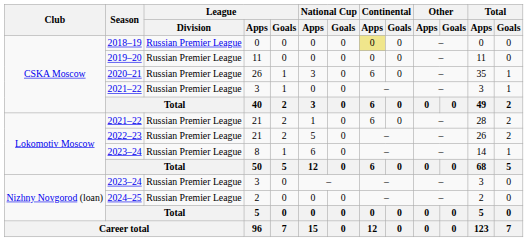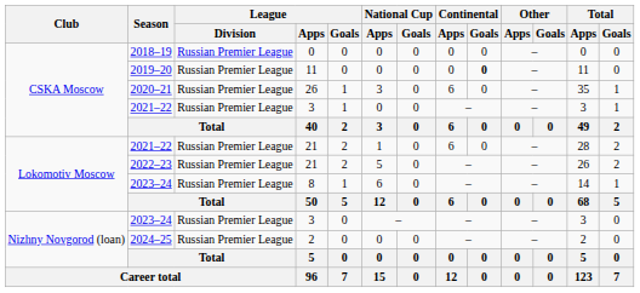 <table class="wikitable" style="text-align: center;">
 <tr>
 <th rowspan="2">Club</th>
 <th rowspan="2">Season</th>
 <th colspan="3">League</th>
 <th colspan="2">National Cup</th>
 <th colspan="2">Continental</th>
 <th colspan="2">Other</th>
 <th colspan="2">Total</th>
 </tr>
 <tr>
 <th>Division</th>
 <th>Apps</th>
 <th>Goals</th>
 <th>Apps</th>
 <th>Goals</th>
 <th>Apps</th>
 <th>Goals</th>
 <th>Apps</th>
 <th>Goals</th>
 <th>Apps</th>
 <th>Goals</th>
 </tr>
 <tr>
 <td rowspan="5"><a href='#'>CSKA Moscow</a></td>
 <td><a href='#'>2018–19</a></td>
 <td><a href='#'>Russian Premier League</a></td>
 <td>0</td>
 <td>0</td>
 <td>0</td>
 <td>0</td>
-<td style="background: khaki;">0</td>
+<td>0</td>
 <td>0</td>
 <td colspan="2">–</td>
 <td>0</td>
 <td>0</td>
 </tr>
 <tr>
 <td><a href='#'>2019–20</a></td>
 <td>Russian Premier League</td>
 <td>11</td>
 <td>0</td>
 <td>0</td>
 <td>0</td>
 <td>0</td>
-<td>0</td>
+<td><strong>0</strong></td>
 <td colspan="2">–</td>
 <td>11</td>
 <td>0</td>
 </tr>
 <tr>
 <td><a href='#'>2020–21</a></td>
 <td>Russian Premier League</td>
 <td>26</td>
 <td>1</td>
 <td>3</td>
 <td>0</td>
 <td>6</td>
 <td>0</td>
 <td colspan="2">–</td>
 <td>35</td>
 <td>1</td>
 </tr>
 <tr>
 <td><a href='#'>2021–22</a></td>
 <td>Russian Premier League</td>
 <td>3</td>
 <td>1</td>
 <td>0</td>
 <td>0</td>
 <td colspan="2">–</td>
 <td colspan="2">–</td>
 <td>3</td>
 <td>1</td>
 </tr>
 <tr>
 <th colspan="2">Total</th>
 <th>40</th>
 <th>2</th>
 <th>3</th>
 <th>0</th>
 <th>6</th>
 <th>0</th>
 <th>0</th>
 <th>0</th>
 <th>49</th>
 <th>2</th>
 </tr>
 <tr>
 <td rowspan="4"><a href='#'>Lokomotiv Moscow</a></td>
 <td><a href='#'>2021–22</a></td>
 <td>Russian Premier League</td>
 <td>21</td>
 <td>2</td>
 <td>1</td>
 <td>0</td>
 <td>6</td>
 <td>0</td>
 <td colspan="2">–</td>
 <td>28</td>
 <td>2</td>
 </tr>
 <tr>
 <td><a href='#'>2022–23</a></td>
 <td>Russian Premier League</td>
 <td>21</td>
 <td>2</td>
 <td>5</td>
 <td>0</td>
 <td colspan="2">–</td>
 <td colspan="2">–</td>
 <td>26</td>
 <td>2</td>
 </tr>
 <tr>
 <td><a href='#'>2023–24</a></td>
 <td>Russian Premier League</td>
 <td>8</td>
 <td>1</td>
 <td>6</td>
 <td>0</td>
 <td colspan="2">–</td>
 <td colspan="2">–</td>
 <td>14</td>
 <td>1</td>
 </tr>
 <tr>
 <th colspan="2">Total</th>
 <th>50</th>
 <th>5</th>
 <th>12</th>
 <th>0</th>
 <th>6</th>
 <th>0</th>
 <th>0</th>
 <th>0</th>
 <th>68</th>
 <th>5</th>
 </tr>
 <tr>
 <td rowspan="3"><a href='#'>Nizhny Novgorod</a> (loan)</td>
 <td><a href='#'>2023–24</a></td>
 <td>Russian Premier League</td>
 <td>3</td>
 <td>0</td>
 <td colspan="2">–</td>
 <td colspan="2">–</td>
 <td colspan="2">–</td>
 <td>3</td>
 <td>0</td>
 </tr>
 <tr>
 <td><a href='#'>2024–25</a></td>
 <td>Russian Premier League</td>
 <td>2</td>
 <td>0</td>
 <td>0</td>
 <td>0</td>
 <td colspan="2">–</td>
 <td colspan="2">–</td>
 <td>2</td>
 <td>0</td>
 </tr>
 <tr>
 <th colspan="2">Total</th>
 <th>5</th>
 <th>0</th>
 <th>0</th>
 <th>0</th>
 <th>0</th>
 <th>0</th>
 <th>0</th>
 <th>0</th>
 <th>5</th>
 <th>0</th>
 </tr>
 <tr>
 <th colspan="3">Career total</th>
 <th>96</th>
 <th>7</th>
 <th>15</th>
 <th>0</th>
 <th>12</th>
 <th>0</th>
 <th>0</th>
 <th>0</th>
 <th>123</th>
 <th>7</th>
 </tr>
 </table>
